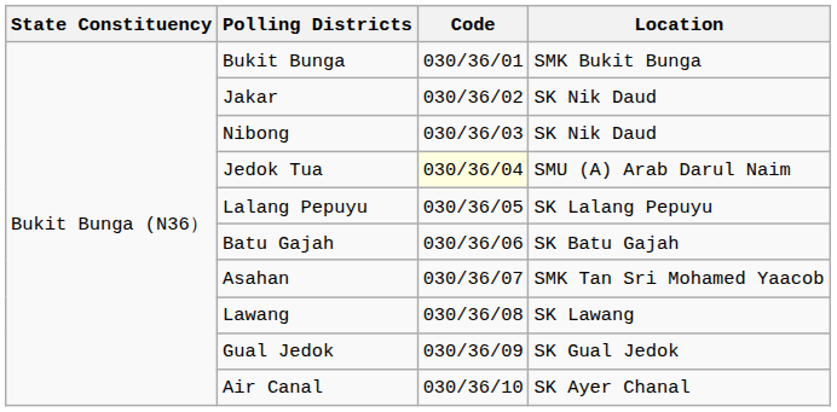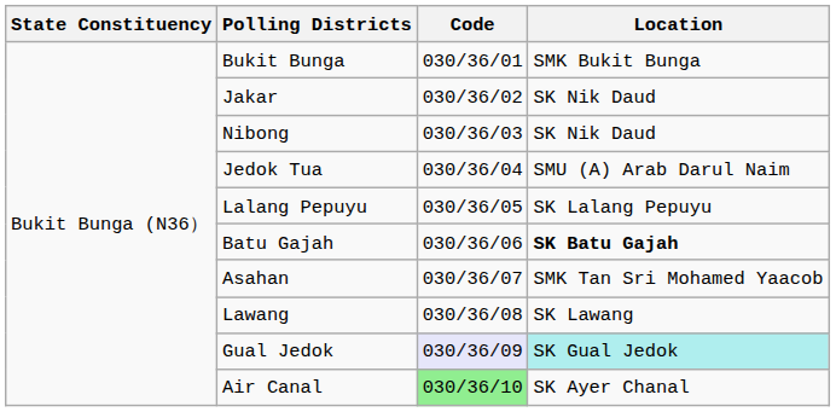 <table class="wikitable sortable mw-collapsible">
 <tr>
 <th><small>State Constituency</small></th>
 <th><small>Polling Districts</small></th>
 <th><small>Code</small></th>
 <th><small>Location</small></th>
 </tr>
 <tr>
 <td rowspan="10"><small>Bukit Bunga (N36）</small></td>
 <td><small>Bukit Bunga</small></td>
 <td><small>030/36/01</small></td>
 <td><small>SMK Bukit Bunga</small></td>
 </tr>
 <tr>
 <td><small>Jakar</small></td>
 <td><small>030/36/02</small></td>
 <td><small>SK Nik Daud</small></td>
 </tr>
 <tr>
 <td><small>Nibong</small></td>
 <td><small>030/36/03</small></td>
 <td><small>SK Nik Daud</small></td>
 </tr>
 <tr>
 <td><small>Jedok Tua</small></td>
-<td style="background: lightyellow;"><small>030/36/04</small></td>
+<td><small>030/36/04</small></td>
 <td><small>SMU (A) Arab Darul Naim</small></td>
 </tr>
 <tr>
 <td><small>Lalang Pepuyu</small></td>
 <td><small>030/36/05</small></td>
 <td><small>SK Lalang Pepuyu</small></td>
 </tr>
 <tr>
 <td><small>Batu Gajah</small></td>
 <td><small>030/36/06</small></td>
-<td><small>SK Batu Gajah</small></td>
+<td><strong><small>SK Batu Gajah</small></strong></td>
 </tr>
 <tr>
 <td><small>Asahan</small></td>
 <td><small>030/36/07</small></td>
 <td><small>SMK Tan Sri Mohamed Yaacob</small></td>
 </tr>
 <tr>
 <td><small>Lawang</small></td>
 <td><small>030/36/08</small></td>
 <td><small>SK Lawang</small></td>
 </tr>
 <tr>
 <td><small>Gual Jedok</small></td>
-<td><small>030/36/09</small></td>
-<td><small>SK Gual Jedok</small></td>
+<td style="background: lavender;"><small>030/36/09</small></td>
+<td style="background: paleturquoise;"><small>SK Gual Jedok</small></td>
 </tr>
 <tr>
 <td><small>Air Canal</small></td>
-<td><small>030/36/10</small></td>
+<td style="background: lightgreen;"><small>030/36/10</small></td>
 <td><small>SK Ayer Chanal</small></td>
 </tr>
 </table>
